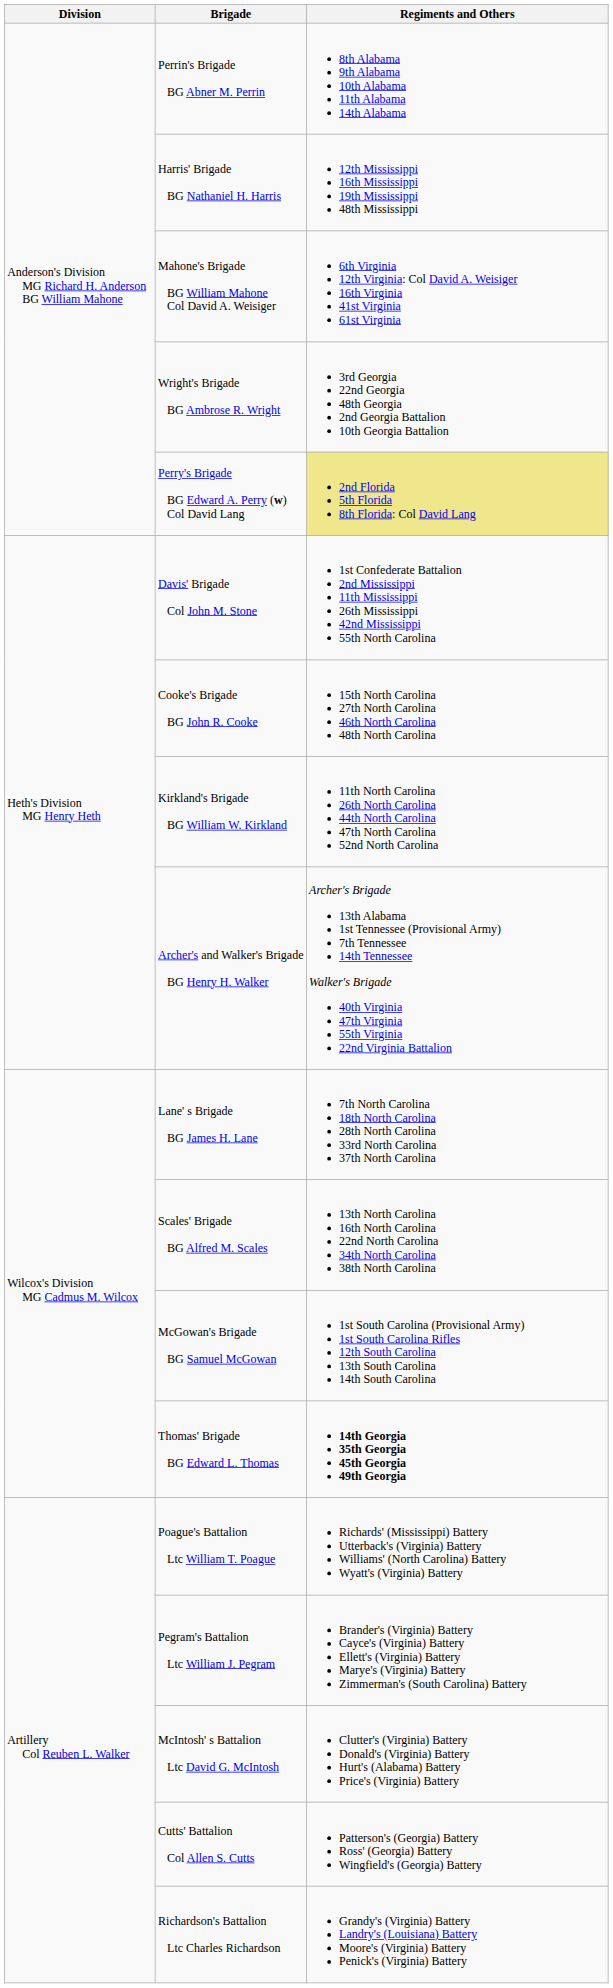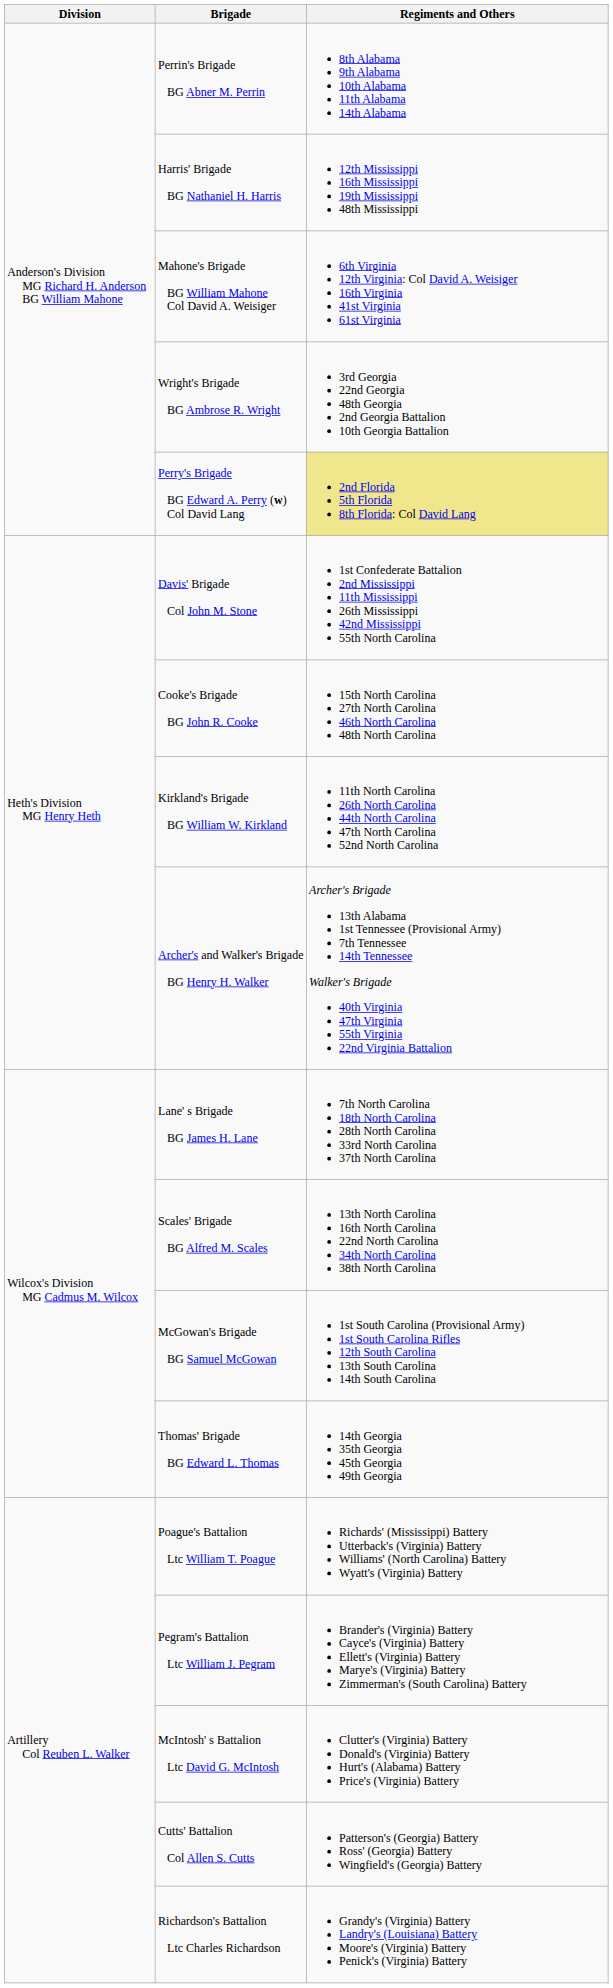 <table class="wikitable">
 <tr>
 <th width=25%>Division</th>
 <th width=25%>Brigade</th>
 <th>Regiments and Others</th>
 </tr>
 <tr>
 <td rowspan=5><br>Anderson's Division <br>     MG <a href='#'>Richard H. Anderson</a> <br>     BG <a href='#'>William Mahone</a></td>
 <td>Perrin's Brigade<br><br>   BG <a href='#'>Abner M. Perrin</a></td>
 <td><br><ul><li><a href='#'>8th Alabama</a></li><li><a href='#'>9th Alabama</a></li><li><a href='#'>10th Alabama</a></li><li><a href='#'>11th Alabama</a></li><li><a href='#'>14th Alabama</a></li></ul></td>
 </tr>
 <tr>
 <td>Harris' Brigade<br><br>   BG <a href='#'>Nathaniel H. Harris</a></td>
 <td><br><ul><li><a href='#'>12th Mississippi</a></li><li><a href='#'>16th Mississippi</a></li><li><a href='#'>19th Mississippi</a></li><li>48th Mississippi</li></ul></td>
 </tr>
 <tr>
 <td>Mahone's Brigade<br><br>   BG <a href='#'>William Mahone</a> <br>   Col David A. Weisiger</td>
 <td><br><ul><li><a href='#'>6th Virginia</a></li><li><a href='#'>12th Virginia</a>: Col <a href='#'>David A. Weisiger</a></li><li><a href='#'>16th Virginia</a></li><li><a href='#'>41st Virginia</a></li><li><a href='#'>61st Virginia</a></li></ul></td>
 </tr>
 <tr>
 <td>Wright's Brigade<br><br>   BG <a href='#'>Ambrose R. Wright</a></td>
 <td><br><ul><li>3rd Georgia</li><li>22nd Georgia</li><li>48th Georgia</li><li>2nd Georgia Battalion</li><li>10th Georgia Battalion</li></ul></td>
 </tr>
 <tr>
 <td><a href='#'>Perry's Brigade</a><br><br>   BG <a href='#'>Edward A. Perry</a> (<strong>w</strong>) <br>   Col David Lang</td>
 <td style="background: khaki;"><br><ul><li><a href='#'>2nd Florida</a></li><li><a href='#'>5th Florida</a></li><li><a href='#'>8th Florida</a>: Col <a href='#'>David Lang</a></li></ul></td>
 </tr>
 <tr>
 <td rowspan=4><br>Heth's Division <br>     MG <a href='#'>Henry Heth</a></td>
 <td><a href='#'>Davis'</a> Brigade<br><br>   Col <a href='#'>John M. Stone</a></td>
 <td><br><ul><li>1st Confederate Battalion</li><li><a href='#'>2nd Mississippi</a></li><li><a href='#'>11th Mississippi</a></li><li>26th Mississippi</li><li><a href='#'>42nd Mississippi</a></li><li>55th North Carolina</li></ul></td>
 </tr>
 <tr>
 <td>Cooke's Brigade<br><br>   BG <a href='#'>John R. Cooke</a></td>
 <td><br><ul><li>15th North Carolina</li><li>27th North Carolina</li><li><a href='#'>46th North Carolina</a></li><li>48th North Carolina</li></ul></td>
 </tr>
 <tr>
 <td>Kirkland's Brigade<br><br>   BG <a href='#'>William W. Kirkland</a></td>
 <td><br><ul><li>11th North Carolina</li><li><a href='#'>26th North Carolina</a></li><li><a href='#'>44th North Carolina</a></li><li>47th North Carolina</li><li>52nd North Carolina</li></ul></td>
 </tr>
 <tr>
 <td><a href='#'>Archer's</a> and Walker's Brigade<br><br>   BG <a href='#'>Henry H. Walker</a></td>
 <td><br><em>Archer's Brigade</em><ul><li>13th Alabama</li><li>1st Tennessee (Provisional Army)</li><li>7th Tennessee</li><li><a href='#'>14th Tennessee</a></li></ul><em>Walker's Brigade</em><ul><li><a href='#'>40th Virginia</a></li><li><a href='#'>47th Virginia</a></li><li><a href='#'>55th Virginia</a></li><li><a href='#'>22nd Virginia Battalion</a></li></ul></td>
 </tr>
 <tr>
 <td rowspan=4><br>Wilcox's Division <br>     MG <a href='#'>Cadmus M. Wilcox</a></td>
 <td>Lane' s Brigade<br><br>   BG <a href='#'>James H. Lane</a></td>
 <td><br><ul><li>7th North Carolina</li><li><a href='#'>18th North Carolina</a></li><li>28th North Carolina</li><li>33rd North Carolina</li><li>37th North Carolina</li></ul></td>
 </tr>
 <tr>
 <td>Scales' Brigade<br><br>   BG <a href='#'>Alfred M. Scales</a></td>
 <td><br><ul><li>13th North Carolina</li><li>16th North Carolina</li><li>22nd North Carolina</li><li><a href='#'>34th North Carolina</a></li><li>38th North Carolina</li></ul></td>
 </tr>
 <tr>
 <td>McGowan's Brigade<br><br>   BG <a href='#'>Samuel McGowan</a></td>
 <td><br><ul><li>1st South Carolina (Provisional Army)</li><li><a href='#'>1st South Carolina Rifles</a></li><li><a href='#'>12th South Carolina</a></li><li>13th South Carolina</li><li>14th South Carolina</li></ul></td>
 </tr>
 <tr>
 <td>Thomas' Brigade<br><br>   BG <a href='#'>Edward L. Thomas</a></td>
-<td><strong><br><ul><li>14th Georgia</li><li>35th Georgia</li><li>45th Georgia</li><li>49th Georgia</li></ul></strong></td>
+<td><br><ul><li>14th Georgia</li><li>35th Georgia</li><li>45th Georgia</li><li>49th Georgia</li></ul></td>
 </tr>
 <tr>
 <td rowspan=5><br>Artillery <br>     Col <a href='#'>Reuben L. Walker</a></td>
 <td>Poague's Battalion<br><br>   Ltc <a href='#'>William T. Poague</a></td>
 <td><br><ul><li>Richards' (Mississippi) Battery</li><li>Utterback's (Virginia) Battery</li><li>Williams' (North Carolina) Battery</li><li>Wyatt's (Virginia) Battery</li></ul></td>
 </tr>
 <tr>
 <td>Pegram's Battalion<br><br>   Ltc <a href='#'>William J. Pegram</a></td>
 <td><br><ul><li>Brander's (Virginia) Battery</li><li>Cayce's (Virginia) Battery</li><li>Ellett's (Virginia) Battery</li><li>Marye's (Virginia) Battery</li><li>Zimmerman's (South Carolina) Battery</li></ul></td>
 </tr>
 <tr>
 <td>McIntosh' s Battalion<br><br>   Ltc <a href='#'>David G. McIntosh</a></td>
 <td><br><ul><li>Clutter's (Virginia) Battery</li><li>Donald's (Virginia) Battery</li><li>Hurt's (Alabama) Battery</li><li>Price's (Virginia) Battery</li></ul></td>
 </tr>
 <tr>
 <td>Cutts' Battalion<br><br>   Col <a href='#'>Allen S. Cutts</a></td>
 <td><br><ul><li>Patterson's (Georgia) Battery</li><li>Ross' (Georgia) Battery</li><li>Wingfield's (Georgia) Battery</li></ul></td>
 </tr>
 <tr>
 <td>Richardson's Battalion<br><br>   Ltc Charles Richardson</td>
 <td><br><ul><li>Grandy's (Virginia) Battery</li><li><a href='#'>Landry's (Louisiana) Battery</a></li><li>Moore's (Virginia) Battery</li><li>Penick's (Virginia) Battery</li></ul></td>
 </tr>
 </table>
